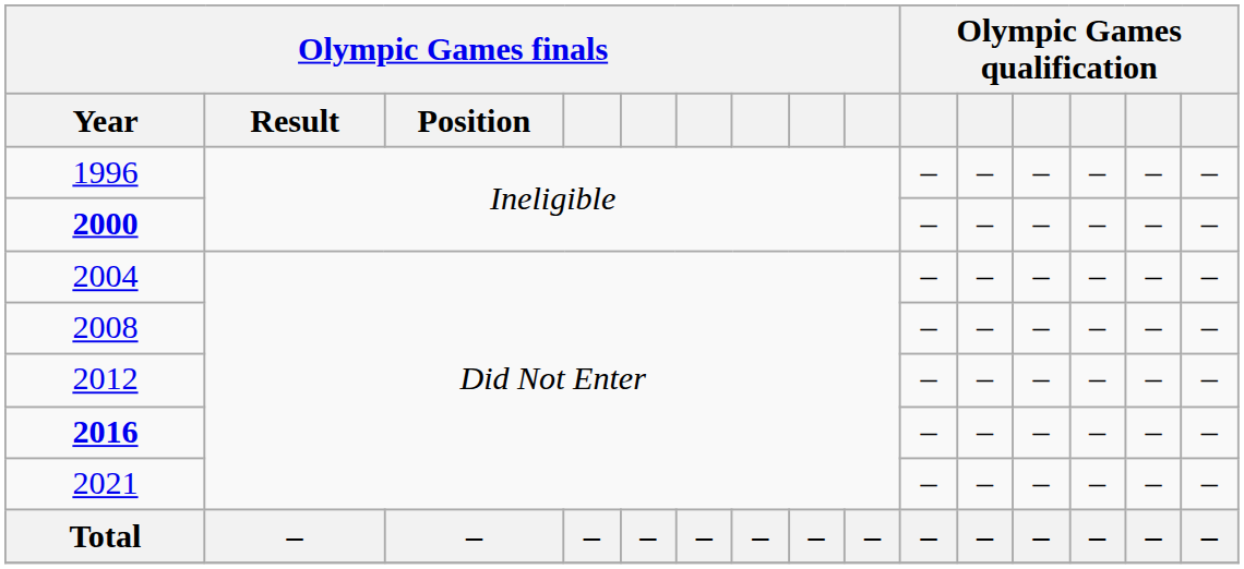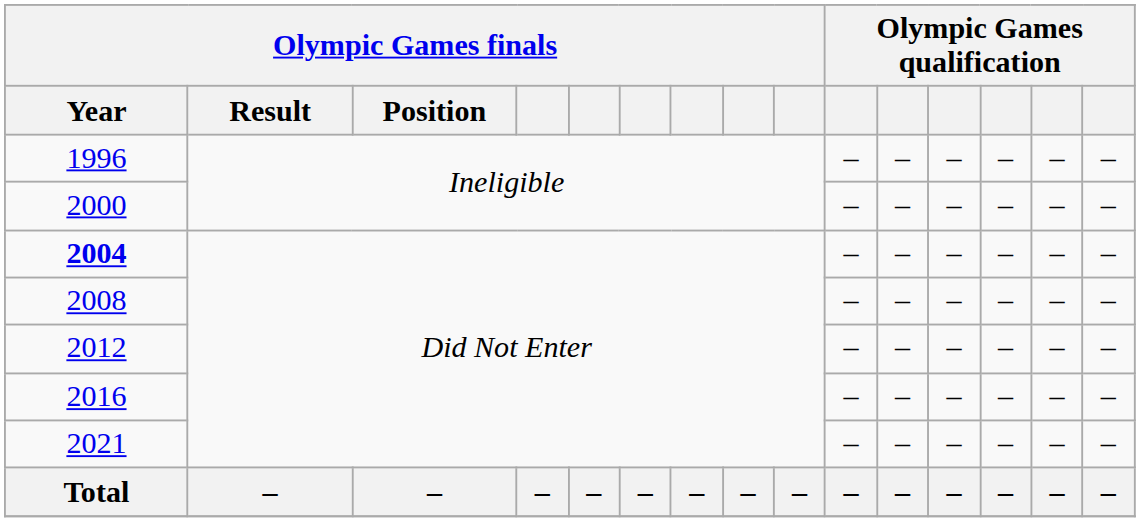 <table class="wikitable" style="text-align:center;">
 <tr>
 <th colspan="9"><a href='#'>Olympic Games finals</a></th>
 <th colspan="6">Olympic Games<br>qualification</th>
 </tr>
 <tr>
 <th style="width:90px;">Year</th>
 <th style="width:80px;">Result</th>
 <th style="width:80px;">Position</th>
 <th style="width:20px;"></th>
 <th style="width:20px;"></th>
 <th style="width:20px;"></th>
 <th style="width:20px;"></th>
 <th style="width:20px;"></th>
 <th style="width:20px;"></th>
 <th style="width:20px;"></th>
 <th style="width:20px;"></th>
 <th style="width:20px;"></th>
 <th style="width:20px;"></th>
 <th style="width:20px;"></th>
 <th style="width:20px;"></th>
 </tr>
 <tr>
 <td> <a href='#'>1996</a></td>
 <td rowspan="2" colspan="8"><em>Ineligible</em></td>
 <td>–</td>
 <td>–</td>
 <td>–</td>
 <td>–</td>
 <td>–</td>
 <td>–</td>
 </tr>
 <tr>
-<td><strong> <a href='#'>2000</a></strong></td>
+<td> <a href='#'>2000</a></td>
 <td>–</td>
 <td>–</td>
 <td>–</td>
 <td>–</td>
 <td>–</td>
 <td>–</td>
 </tr>
 <tr>
-<td> <a href='#'>2004</a></td>
+<td><strong> <a href='#'>2004</a></strong></td>
 <td rowspan="5" colspan="8"><em>Did Not Enter</em></td>
 <td>–</td>
 <td>–</td>
 <td>–</td>
 <td>–</td>
 <td>–</td>
 <td>–</td>
 </tr>
 <tr>
 <td> <a href='#'>2008</a></td>
 <td>–</td>
 <td>–</td>
 <td>–</td>
 <td>–</td>
 <td>–</td>
 <td>–</td>
 </tr>
 <tr>
 <td> <a href='#'>2012</a></td>
 <td>–</td>
 <td>–</td>
 <td>–</td>
 <td>–</td>
 <td>–</td>
 <td>–</td>
 </tr>
 <tr>
-<td><strong> <a href='#'>2016</a></strong></td>
+<td> <a href='#'>2016</a></td>
 <td>–</td>
 <td>–</td>
 <td>–</td>
 <td>–</td>
 <td>–</td>
 <td>–</td>
 </tr>
 <tr>
 <td> <a href='#'>2021</a></td>
 <td>–</td>
 <td>–</td>
 <td>–</td>
 <td>–</td>
 <td>–</td>
 <td>–</td>
 </tr>
 <tr>
 <th>Total</th>
 <th>–</th>
 <th>–</th>
 <th>–</th>
 <th>–</th>
 <th>–</th>
 <th>–</th>
 <th>–</th>
 <th>–</th>
 <th>–</th>
 <th>–</th>
 <th>–</th>
 <th>–</th>
 <th>–</th>
 <th>–</th>
 </tr>
 <tr>
 </tr>
 </table>
